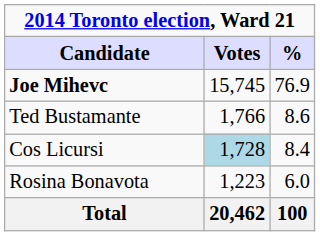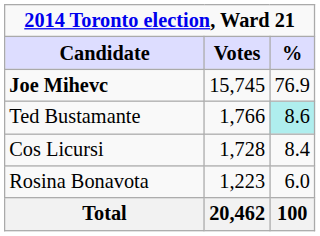 <table class="wikitable">
 <tr>
 <td colspan="3" style="text-align:center;"><strong><a href='#'>2014 Toronto election</a>, Ward 21</strong></td>
 </tr>
 <tr>
 <th style="background:#ddf; width:150px;">Candidate</th>
 <th style="background:#ddf;">Votes</th>
 <th style="background:#ddf;">%</th>
 </tr>
 <tr>
 <td><strong>Joe Mihevc</strong></td>
 <td align=right>15,745</td>
 <td align=right>76.9</td>
 </tr>
 <tr>
 <td>Ted Bustamante</td>
 <td align=right>1,766</td>
-<td align=right>8.6</td>
+<td align=right style="background: paleturquoise;">8.6</td>
 </tr>
 <tr>
 <td>Cos Licursi</td>
-<td align=right style="background: lightblue;">1,728</td>
+<td align=right>1,728</td>
 <td align=right>8.4</td>
 </tr>
 <tr>
 <td>Rosina Bonavota</td>
 <td align=right>1,223</td>
 <td align=right>6.0</td>
 </tr>
 <tr>
 <th>Total</th>
 <th align=right>20,462</th>
 <th align=right>100</th>
 </tr>
 </table>
